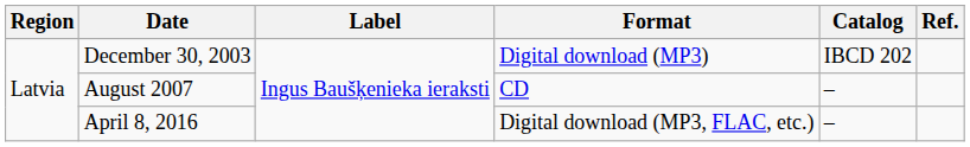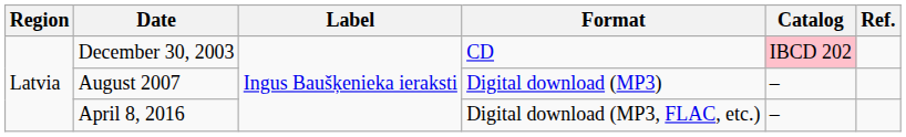 <table class="wikitable">
 <tr>
 <th>Region</th>
 <th>Date</th>
 <th>Label</th>
 <th>Format</th>
 <th>Catalog</th>
 <th>Ref.</th>
 </tr>
 <tr>
 <td rowspan="3">Latvia</td>
 <td>December 30, 2003</td>
 <td rowspan="3"><a href='#'>Ingus Baušķenieka ieraksti</a></td>
-<td><a href='#'>Digital download</a> (<a href='#'>MP3</a>)</td>
-<td>IBCD 202</td>
+<td><a href='#'>CD</a></td>
+<td style="background: pink;">IBCD 202</td>
 <td></td>
 </tr>
 <tr>
 <td>August 2007</td>
-<td><a href='#'>CD</a></td>
+<td><a href='#'>Digital download</a> (<a href='#'>MP3</a>)</td>
 <td>–</td>
 <td><br></td>
 </tr>
 <tr>
 <td>April 8, 2016</td>
 <td>Digital download (MP3, <a href='#'>FLAC</a>, etc.)</td>
 <td>–</td>
 <td></td>
 </tr>
 </table>
